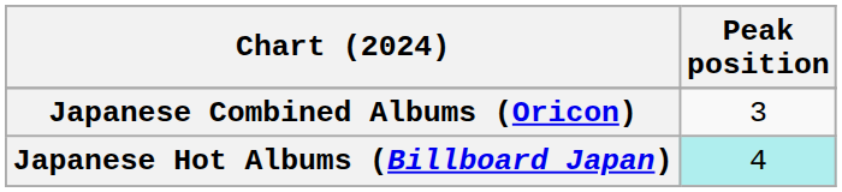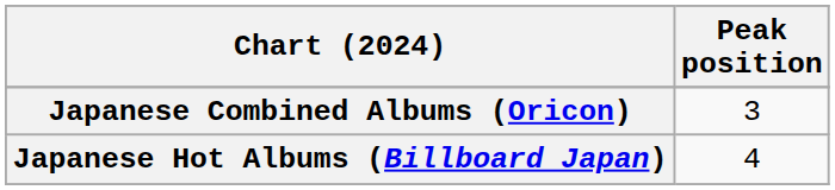 <table class="wikitable sortable plainrowheaders" style="text-align:center">
 <tr>
 <th scope="col">Chart (2024)</th>
 <th scope="col">Peak<br>position</th>
 </tr>
 <tr>
 </tr>
 <tr>
 <th scope="row">Japanese Combined Albums (<a href='#'>Oricon</a>)</th>
 <td>3</td>
 </tr>
 <tr>
 <th scope="row">Japanese Hot Albums (<em><a href='#'>Billboard Japan</a></em>)</th>
-<td style="background: paleturquoise;">4</td>
+<td>4</td>
 </tr>
 </table>
